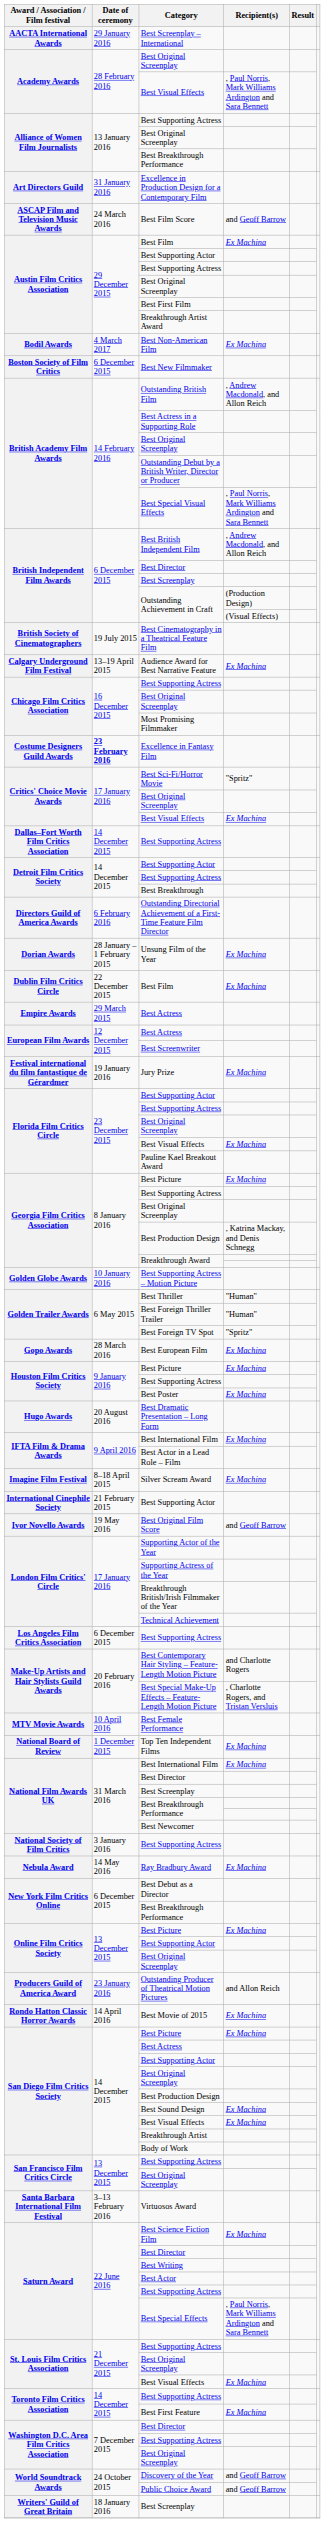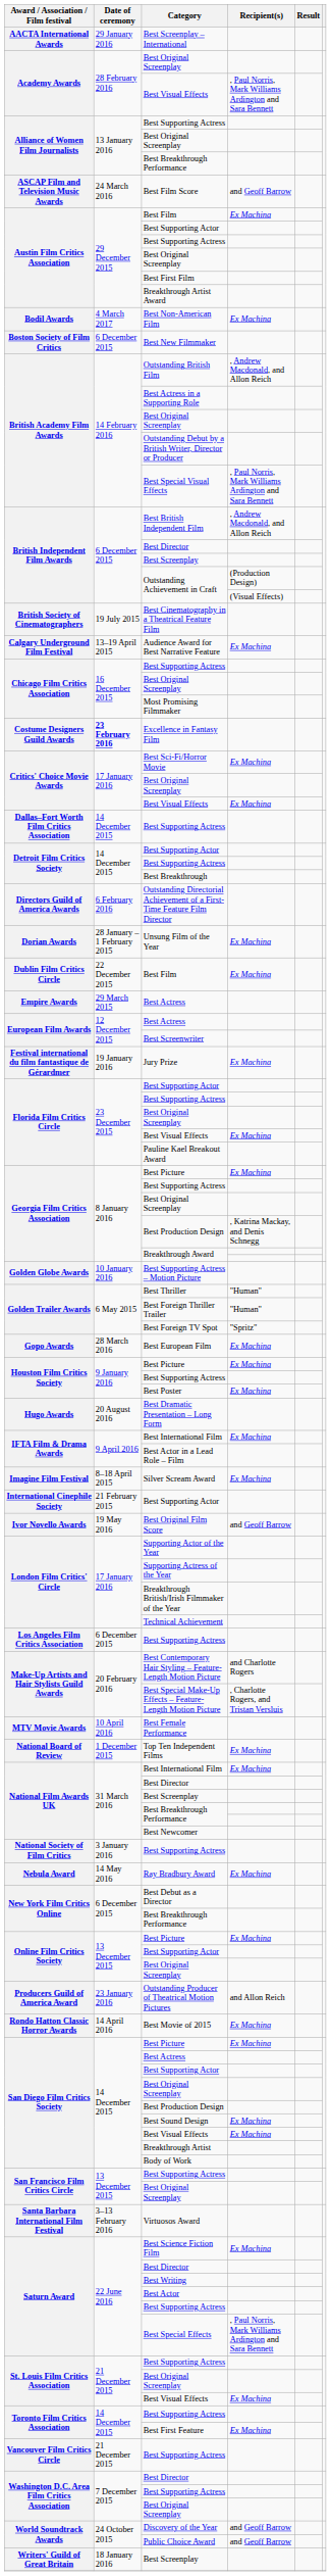 <table class="wikitable plainrowheaders sortable">
 <tr>
 <th scope="col">Award / Association / Film festival</th>
 <th scope="col">Date of ceremony</th>
 <th scope="col">Category</th>
 <th scope="col">Recipient(s)</th>
 <th scope="col">Result</th>
 <th scope="col" class="unsortable"></th>
 </tr>
 <tr>
 <th scope="row"><a href='#'>AACTA International Awards</a></th>
 <td><a href='#'>29 January 2016</a></td>
 <td><a href='#'>Best Screenplay – International</a></td>
 <td></td>
 <td></td>
 <td style="text-align:center;"></td>
 </tr>
 <tr>
 <th rowspan="2" scope="row"><a href='#'>Academy Awards</a></th>
 <td rowspan="2"><a href='#'>28 February 2016</a></td>
 <td><a href='#'>Best Original Screenplay</a></td>
 <td></td>
 <td></td>
 <td rowspan="2" style="text-align:center;"></td>
 </tr>
 <tr>
 <td><a href='#'>Best Visual Effects</a></td>
 <td>, <a href='#'>Paul Norris</a>, <a href='#'>Mark Williams Ardington</a> and <a href='#'>Sara Bennett</a></td>
 <td></td>
 </tr>
 <tr>
 <th scope="row" rowspan=3><a href='#'>Alliance of Women Film Journalists</a></th>
 <td rowspan="3">13 January 2016</td>
 <td>Best Supporting Actress</td>
 <td></td>
 <td></td>
 <td rowspan=3 style="text-align:center;"></td>
 </tr>
 <tr>
 <td>Best Original Screenplay</td>
 <td></td>
 <td></td>
 </tr>
 <tr>
 <td>Best Breakthrough Performance</td>
 <td></td>
 <td></td>
-</tr>
-<tr>
-<th scope="row"><a href='#'>Art Directors Guild</a></th>
-<td><a href='#'>31 January 2016</a></td>
-<td><a href='#'>Excellence in Production Design for a Contemporary Film</a></td>
-<td></td>
-<td></td>
-<td style="text-align:center;"></td>
 </tr>
 <tr>
 <th scope="row"><a href='#'>ASCAP Film and Television Music Awards</a></th>
 <td>24 March 2016</td>
 <td>Best Film Score</td>
 <td> and <a href='#'>Geoff Barrow</a></td>
 <td></td>
 <td style="text-align:center;"></td>
 </tr>
 <tr>
 <th scope="row" rowspan=6><a href='#'>Austin Film Critics Association</a></th>
 <td rowspan="6"><a href='#'>29 December 2015</a></td>
 <td>Best Film</td>
 <td><em><a href='#'>Ex Machina</a></em></td>
 <td></td>
 <td rowspan=6 style="text-align:center;"></td>
 </tr>
 <tr>
 <td>Best Supporting Actor</td>
 <td></td>
 <td></td>
 </tr>
 <tr>
 <td>Best Supporting Actress</td>
 <td></td>
 <td></td>
 </tr>
 <tr>
 <td>Best Original Screenplay</td>
 <td></td>
 <td></td>
 </tr>
 <tr>
 <td>Best First Film</td>
 <td></td>
 <td></td>
 </tr>
 <tr>
 <td>Breakthrough Artist Award</td>
 <td></td>
 <td></td>
 </tr>
 <tr>
 <th scope="row"><a href='#'>Bodil Awards</a></th>
 <td><a href='#'>4 March 2017</a></td>
 <td><a href='#'>Best Non-American Film</a></td>
 <td><em><a href='#'>Ex Machina</a></em></td>
 <td></td>
 <td style="text-align:center;"></td>
 </tr>
 <tr>
 <th scope="row"><a href='#'>Boston Society of Film Critics</a></th>
 <td><a href='#'>6 December 2015</a></td>
 <td><a href='#'>Best New Filmmaker</a></td>
 <td></td>
 <td></td>
 <td style="text-align:center;"></td>
 </tr>
 <tr>
 <th rowspan="5" scope="row"><a href='#'>British Academy Film Awards</a></th>
 <td rowspan="5"><a href='#'>14 February 2016</a></td>
 <td><a href='#'>Outstanding British Film</a></td>
 <td>, <a href='#'>Andrew Macdonald</a>, and Allon Reich</td>
 <td></td>
 <td rowspan="5" style="text-align:center;"></td>
 </tr>
 <tr>
 <td><a href='#'>Best Actress in a Supporting Role</a></td>
 <td></td>
 <td></td>
 </tr>
 <tr>
 <td><a href='#'>Best Original Screenplay</a></td>
 <td></td>
 <td></td>
 </tr>
 <tr>
 <td><a href='#'>Outstanding Debut by a British Writer, Director or Producer</a></td>
 <td></td>
 <td></td>
 </tr>
 <tr>
 <td><a href='#'>Best Special Visual Effects</a></td>
 <td>, <a href='#'>Paul Norris</a>, <a href='#'>Mark Williams Ardington</a> and <a href='#'>Sara Bennett</a></td>
 <td></td>
 </tr>
 <tr>
 <th rowspan="5" scope="row"><a href='#'>British Independent Film Awards</a></th>
 <td rowspan="5"><a href='#'>6 December 2015</a></td>
 <td><a href='#'>Best British Independent Film</a></td>
 <td>, <a href='#'>Andrew Macdonald</a>, and Allon Reich</td>
 <td></td>
 <td rowspan="5" style="text-align:center;"></td>
 </tr>
 <tr>
 <td><a href='#'>Best Director</a></td>
 <td></td>
 <td></td>
 </tr>
 <tr>
 <td><a href='#'>Best Screenplay</a></td>
 <td></td>
 <td></td>
 </tr>
 <tr>
 <td rowspan=2>Outstanding Achievement in Craft</td>
 <td> (Production Design)</td>
 <td></td>
 </tr>
 <tr>
 <td> (Visual Effects)</td>
 <td></td>
 </tr>
 <tr>
 <th scope="row"><a href='#'>British Society of Cinematographers</a></th>
 <td>19 July 2015</td>
 <td><a href='#'>Best Cinematography in a Theatrical Feature Film</a></td>
 <td></td>
 <td></td>
 <td style="text-align:center;"></td>
 </tr>
 <tr>
 <th scope="row"><a href='#'>Calgary Underground Film Festival</a></th>
 <td>13–19 April 2015</td>
 <td>Audience Award for Best Narrative Feature</td>
 <td><em><a href='#'>Ex Machina</a></em></td>
 <td></td>
 <td style="text-align:center;"></td>
 </tr>
 <tr>
 <th scope="row" rowspan="3"><a href='#'>Chicago Film Critics Association</a></th>
 <td rowspan="3"><a href='#'>16 December 2015</a></td>
 <td><a href='#'>Best Supporting Actress</a></td>
 <td></td>
 <td></td>
 <td rowspan="3" style="text-align:center;"></td>
 </tr>
 <tr>
 <td><a href='#'>Best Original Screenplay</a></td>
 <td></td>
 <td></td>
 </tr>
 <tr>
 <td>Most Promising Filmmaker</td>
 <td></td>
 <td></td>
 </tr>
 <tr>
 <th scope="row"><a href='#'>Costume Designers Guild Awards</a></th>
 <td><strong><a href='#'>23 February 2016</a></strong></td>
 <td><a href='#'>Excellence in Fantasy Film</a></td>
 <td></td>
 <td></td>
 <td style="text-align:center;"></td>
 </tr>
 <tr>
 <th rowspan="3" scope="row"><a href='#'>Critics' Choice Movie Awards</a></th>
 <td rowspan="3"><a href='#'>17 January 2016</a></td>
 <td><a href='#'>Best Sci-Fi/Horror Movie</a></td>
-<td data-sort-value="Spritz">"Spritz"</td>
+<td><em><a href='#'>Ex Machina</a></em></td>
 <td></td>
 <td style="text-align:center;" rowspan="3"></td>
 </tr>
 <tr>
 <td><a href='#'>Best Original Screenplay</a></td>
 <td></td>
 <td></td>
 </tr>
 <tr>
 <td><a href='#'>Best Visual Effects</a></td>
 <td><em><a href='#'>Ex Machina</a></em></td>
 <td></td>
 </tr>
 <tr>
 <th scope="row"><a href='#'>Dallas–Fort Worth Film Critics Association</a></th>
 <td><a href='#'>14 December 2015</a></td>
 <td><a href='#'>Best Supporting Actress</a></td>
 <td></td>
 <td></td>
 <td style="text-align:center;"></td>
 </tr>
 <tr>
 <th scope="row" rowspan="3"><a href='#'>Detroit Film Critics Society</a></th>
 <td rowspan="3">14 December 2015</td>
 <td><a href='#'>Best Supporting Actor</a></td>
 <td></td>
 <td></td>
 <td style="text-align:center;" rowspan="3"></td>
 </tr>
 <tr>
 <td><a href='#'>Best Supporting Actress</a></td>
 <td></td>
 <td></td>
 </tr>
 <tr>
 <td>Best Breakthrough</td>
 <td></td>
 <td></td>
 </tr>
 <tr>
 <th scope="row"><a href='#'>Directors Guild of America Awards</a></th>
 <td><a href='#'>6 February 2016</a></td>
 <td><a href='#'>Outstanding Directorial Achievement of a First-Time Feature Film Director</a></td>
 <td></td>
 <td></td>
 <td style="text-align:center;"></td>
 </tr>
 <tr>
 <th scope="row"><a href='#'>Dorian Awards</a></th>
 <td>28 January – 1 February 2015</td>
 <td>Unsung Film of the Year</td>
 <td><em><a href='#'>Ex Machina</a></em></td>
 <td></td>
 <td style="text-align:center;"></td>
 </tr>
 <tr>
 <th scope="row"><a href='#'>Dublin Film Critics Circle</a></th>
 <td>22 December 2015</td>
 <td>Best Film</td>
 <td><em><a href='#'>Ex Machina</a></em></td>
 <td></td>
 <td style="text-align:center;"></td>
 </tr>
 <tr>
 <th scope="row"><a href='#'>Empire Awards</a></th>
 <td><a href='#'>29 March 2015</a></td>
 <td><a href='#'>Best Actress</a></td>
 <td></td>
 <td></td>
 <td style="text-align:center;"></td>
 </tr>
 <tr>
 <th scope="row" rowspan="2"><a href='#'>European Film Awards</a></th>
 <td rowspan="2"><a href='#'>12 December 2015</a></td>
 <td><a href='#'>Best Actress</a></td>
 <td></td>
 <td></td>
 <td rowspan="2" style="text-align:center;"></td>
 </tr>
 <tr>
 <td><a href='#'>Best Screenwriter</a></td>
 <td></td>
 <td></td>
 </tr>
 <tr>
 <th scope="row"><a href='#'>Festival international du film fantastique de Gérardmer</a></th>
 <td>19 January 2016</td>
 <td>Jury Prize</td>
 <td><em><a href='#'>Ex Machina</a></em></td>
 <td></td>
 <td style="text-align:center;"></td>
 </tr>
 <tr>
 <th scope="row" rowspan="5"><a href='#'>Florida Film Critics Circle</a></th>
 <td rowspan="5"><a href='#'>23 December 2015</a></td>
 <td><a href='#'>Best Supporting Actor</a></td>
 <td></td>
 <td></td>
 <td style="text-align:center;" rowspan="5"></td>
 </tr>
 <tr>
 <td><a href='#'>Best Supporting Actress</a></td>
 <td></td>
 <td></td>
 </tr>
 <tr>
 <td><a href='#'>Best Original Screenplay</a></td>
 <td></td>
 <td></td>
 </tr>
 <tr>
 <td>Best Visual Effects</td>
 <td><em><a href='#'>Ex Machina</a></em></td>
 <td></td>
 </tr>
 <tr>
 <td>Pauline Kael Breakout Award</td>
 <td></td>
 <td></td>
 </tr>
 <tr>
 <th scope="row" rowspan="6"><a href='#'>Georgia Film Critics Association</a></th>
 <td rowspan="6">8 January 2016</td>
 <td>Best Picture</td>
 <td><em><a href='#'>Ex Machina</a></em></td>
 <td></td>
 <td rowspan="6" style="text-align:center;"></td>
 </tr>
 <tr>
 <td>Best Supporting Actress</td>
 <td></td>
 <td></td>
 </tr>
 <tr>
 <td>Best Original Screenplay</td>
 <td></td>
 <td></td>
 </tr>
 <tr>
 <td>Best Production Design</td>
 <td>, Katrina Mackay, and Denis Schnegg</td>
 <td></td>
 </tr>
 <tr>
 <td rowspan="2">Breakthrough Award</td>
 <td></td>
 <td></td>
 </tr>
 <tr>
 <td></td>
 <td></td>
 </tr>
 <tr>
 <th scope="row"><a href='#'>Golden Globe Awards</a></th>
 <td><a href='#'>10 January 2016</a></td>
 <td><a href='#'>Best Supporting Actress – Motion Picture</a></td>
 <td></td>
 <td></td>
 <td style="text-align:center;"></td>
 </tr>
 <tr>
 <th rowspan="3" scope="row"><a href='#'>Golden Trailer Awards</a></th>
 <td rowspan="3">6 May 2015</td>
 <td>Best Thriller</td>
 <td data-sort-value="Human">"Human"</td>
 <td></td>
 <td style="text-align:center;" rowspan="3"></td>
 </tr>
 <tr>
 <td>Best Foreign Thriller Trailer</td>
 <td data-sort-value="Human">"Human"</td>
 <td></td>
 </tr>
 <tr>
 <td>Best Foreign TV Spot</td>
 <td data-sort-value="Spritz">"Spritz"</td>
 <td></td>
 </tr>
 <tr>
 <th scope="row"><a href='#'>Gopo Awards</a></th>
 <td>28 March 2016</td>
 <td>Best European Film</td>
 <td><em><a href='#'>Ex Machina</a></em></td>
 <td></td>
 <td style="text-align:center;"></td>
 </tr>
 <tr>
 <th scope="row" rowspan="3"><a href='#'>Houston Film Critics Society</a></th>
 <td rowspan="3"><a href='#'>9 January 2016</a></td>
 <td>Best Picture</td>
 <td><em><a href='#'>Ex Machina</a></em></td>
 <td></td>
 <td style="text-align:center;" rowspan="3"></td>
 </tr>
 <tr>
 <td>Best Supporting Actress</td>
 <td></td>
 <td></td>
 </tr>
 <tr>
 <td>Best Poster</td>
 <td><em><a href='#'>Ex Machina</a></em></td>
 <td></td>
 </tr>
 <tr>
 <th scope="row"><a href='#'>Hugo Awards</a></th>
 <td>20 August 2016</td>
 <td><a href='#'>Best Dramatic Presentation – Long Form</a></td>
 <td></td>
 <td></td>
 <td style="text-align:center;"></td>
 </tr>
 <tr>
 <th rowspan="2" scope="row"><a href='#'>IFTA Film & Drama Awards</a></th>
 <td rowspan="2"><a href='#'>9 April 2016</a></td>
 <td>Best International Film</td>
 <td><em><a href='#'>Ex Machina</a></em></td>
 <td></td>
 <td rowspan="2" style="text-align: center;"></td>
 </tr>
 <tr>
 <td>Best Actor in a Lead Role – Film</td>
 <td></td>
 <td></td>
 </tr>
 <tr>
 <th scope="row"><a href='#'>Imagine Film Festival</a></th>
 <td>8–18 April 2015</td>
 <td>Silver Scream Award</td>
 <td><em><a href='#'>Ex Machina</a></em></td>
 <td></td>
 <td style="text-align:center;"></td>
 </tr>
 <tr>
 <th scope="row"><a href='#'>International Cinephile Society</a></th>
 <td>21 February 2015</td>
 <td>Best Supporting Actor</td>
 <td></td>
 <td></td>
 <td style="text-align:center;"></td>
 </tr>
 <tr>
 <th scope="row"><a href='#'>Ivor Novello Awards</a></th>
 <td>19 May 2016</td>
 <td><a href='#'>Best Original Film Score</a></td>
 <td> and <a href='#'>Geoff Barrow</a></td>
 <td></td>
 <td style="text-align:center;"></td>
 </tr>
 <tr>
 <th scope="row" rowspan=4><a href='#'>London Film Critics' Circle</a></th>
 <td rowspan="4"><a href='#'>17 January 2016</a></td>
 <td><a href='#'>Supporting Actor of the Year</a></td>
 <td></td>
 <td></td>
 <td rowspan=4 style="text-align:center;"></td>
 </tr>
 <tr>
 <td><a href='#'>Supporting Actress of the Year</a></td>
 <td></td>
 <td></td>
 </tr>
 <tr>
 <td>Breakthrough British/Irish Filmmaker of the Year</td>
 <td></td>
 <td></td>
 </tr>
 <tr>
 <td><a href='#'>Technical Achievement</a></td>
 <td></td>
 <td></td>
 </tr>
 <tr>
 <th scope="row"><a href='#'>Los Angeles Film Critics Association</a></th>
 <td>6 December 2015</td>
 <td><a href='#'>Best Supporting Actress</a></td>
 <td></td>
 <td></td>
 <td style="text-align:center;"></td>
 </tr>
 <tr>
 <th rowspan="2" scope="row"><a href='#'>Make-Up Artists and Hair Stylists Guild Awards</a></th>
 <td rowspan="2">20 February 2016</td>
 <td><a href='#'>Best Contemporary Hair Styling – Feature-Length Motion Picture</a></td>
 <td> and Charlotte Rogers</td>
 <td></td>
 <td rowspan="2" style="text-align: center;"></td>
 </tr>
 <tr>
 <td><a href='#'>Best Special Make-Up Effects – Feature-Length Motion Picture</a></td>
 <td>, Charlotte Rogers, and <a href='#'>Tristan Versluis</a></td>
 <td></td>
 </tr>
 <tr>
 <th scope="row"><a href='#'>MTV Movie Awards</a></th>
 <td><a href='#'>10 April 2016</a></td>
 <td><a href='#'>Best Female Performance</a></td>
 <td></td>
 <td></td>
 <td style="text-align:center;"></td>
 </tr>
 <tr>
 <th scope="row"><a href='#'>National Board of Review</a></th>
 <td><a href='#'>1 December 2015</a></td>
 <td>Top Ten Independent Films</td>
 <td><em><a href='#'>Ex Machina</a></em></td>
 <td></td>
 <td style="text-align:center;"></td>
 </tr>
 <tr>
 <th rowspan="6" scope="row"><a href='#'>National Film Awards UK</a></th>
 <td rowspan="6">31 March 2016</td>
 <td>Best International Film</td>
 <td><em><a href='#'>Ex Machina</a></em></td>
 <td></td>
 <td rowspan="6" style="text-align: center;"></td>
 </tr>
 <tr>
 <td>Best Director</td>
 <td></td>
 <td></td>
 </tr>
 <tr>
 <td>Best Screenplay</td>
 <td></td>
 <td></td>
 </tr>
 <tr>
 <td rowspan="2">Best Breakthrough Performance</td>
 <td></td>
 <td></td>
 </tr>
 <tr>
 <td></td>
 <td></td>
 </tr>
 <tr>
 <td>Best Newcomer</td>
 <td></td>
 <td></td>
 </tr>
 <tr>
 <th scope="row"><a href='#'>National Society of Film Critics</a></th>
 <td>3 January 2016</td>
 <td><a href='#'>Best Supporting Actress</a></td>
 <td></td>
 <td></td>
 <td style="text-align:center;"></td>
 </tr>
 <tr>
 <th scope="row"><a href='#'>Nebula Award</a></th>
 <td>14 May 2016</td>
 <td><a href='#'>Ray Bradbury Award</a></td>
 <td><em><a href='#'>Ex Machina</a></em></td>
 <td></td>
 <td style="text-align:center;"></td>
 </tr>
 <tr>
 <th scope="row" rowspan="2"><a href='#'>New York Film Critics Online</a></th>
 <td rowspan="2">6 December 2015</td>
 <td>Best Debut as a Director</td>
 <td></td>
 <td></td>
 <td style="text-align:center;" rowspan="2"></td>
 </tr>
 <tr>
 <td>Best Breakthrough Performance</td>
 <td></td>
 <td></td>
 </tr>
 <tr>
 <th scope="row" rowspan="3"><a href='#'>Online Film Critics Society</a></th>
 <td rowspan="3"><a href='#'>13 December 2015</a></td>
 <td><a href='#'>Best Picture</a></td>
 <td><em><a href='#'>Ex Machina</a></em></td>
 <td></td>
 <td style="text-align:center;" rowspan="3"></td>
 </tr>
 <tr>
 <td><a href='#'>Best Supporting Actor</a></td>
 <td></td>
 <td></td>
 </tr>
 <tr>
 <td><a href='#'>Best Original Screenplay</a></td>
 <td></td>
 <td></td>
 </tr>
 <tr>
 <th scope="row"><a href='#'>Producers Guild of America Award</a></th>
 <td><a href='#'>23 January 2016</a></td>
 <td><a href='#'>Outstanding Producer of Theatrical Motion Pictures</a></td>
 <td> and Allon Reich</td>
 <td></td>
 <td style="text-align:center;"></td>
 </tr>
 <tr>
 <th scope="row"><a href='#'>Rondo Hatton Classic Horror Awards</a></th>
 <td>14 April 2016</td>
 <td>Best Movie of 2015</td>
 <td><em><a href='#'>Ex Machina</a></em></td>
 <td></td>
 <td style="text-align:center;"></td>
 </tr>
 <tr>
 <th scope="row" rowspan="9"><a href='#'>San Diego Film Critics Society</a></th>
 <td rowspan="9">14 December 2015</td>
 <td><a href='#'>Best Picture</a></td>
 <td><em><a href='#'>Ex Machina</a></em></td>
 <td></td>
 <td style="text-align:center;" rowspan="9"></td>
 </tr>
 <tr>
 <td><a href='#'>Best Actress</a></td>
 <td></td>
 <td></td>
 </tr>
 <tr>
 <td><a href='#'>Best Supporting Actor</a></td>
 <td></td>
 <td></td>
 </tr>
 <tr>
 <td><a href='#'>Best Original Screenplay</a></td>
 <td></td>
 <td></td>
 </tr>
 <tr>
 <td>Best Production Design</td>
 <td></td>
 <td></td>
 </tr>
 <tr>
 <td>Best Sound Design</td>
 <td><em><a href='#'>Ex Machina</a></em></td>
 <td></td>
 </tr>
 <tr>
 <td>Best Visual Effects</td>
 <td><em><a href='#'>Ex Machina</a></em></td>
 <td></td>
 </tr>
 <tr>
 <td>Breakthrough Artist</td>
 <td></td>
 <td></td>
 </tr>
 <tr>
 <td>Body of Work</td>
 <td></td>
 <td></td>
 </tr>
 <tr>
 <th scope="row" rowspan="2"><a href='#'>San Francisco Film Critics Circle</a></th>
 <td rowspan="2"><a href='#'>13 December 2015</a></td>
 <td><a href='#'>Best Supporting Actress</a></td>
 <td></td>
 <td></td>
 <td style="text-align:center;" rowspan="2"></td>
 </tr>
 <tr>
 <td><a href='#'>Best Original Screenplay</a></td>
 <td></td>
 <td></td>
 </tr>
 <tr>
 <th scope="row"><a href='#'>Santa Barbara International Film Festival</a></th>
 <td>3–13 February 2016</td>
 <td>Virtuosos Award</td>
 <td></td>
 <td></td>
 <td style="text-align:center;"></td>
 </tr>
 <tr>
 <th scope="row" rowspan="6"><a href='#'>Saturn Award</a></th>
 <td rowspan="6"><a href='#'>22 June 2016</a></td>
 <td><a href='#'>Best Science Fiction Film</a></td>
 <td><em><a href='#'>Ex Machina</a></em></td>
 <td></td>
 <td style="text-align:center;" rowspan="6"></td>
 </tr>
 <tr>
 <td><a href='#'>Best Director</a></td>
 <td></td>
 <td></td>
 </tr>
 <tr>
 <td><a href='#'>Best Writing</a></td>
 <td></td>
 <td></td>
 </tr>
 <tr>
 <td><a href='#'>Best Actor</a></td>
 <td></td>
 <td></td>
 </tr>
 <tr>
 <td><a href='#'>Best Supporting Actress</a></td>
 <td></td>
 <td></td>
 </tr>
 <tr>
 <td><a href='#'>Best Special Effects</a></td>
 <td>, <a href='#'>Paul Norris</a>, <a href='#'>Mark Williams Ardington</a> and <a href='#'>Sara Bennett</a></td>
 <td></td>
 </tr>
 <tr>
 <th scope="row" rowspan="3"><a href='#'>St. Louis Film Critics Association</a></th>
 <td rowspan="3"><a href='#'>21 December 2015</a></td>
 <td><a href='#'>Best Supporting Actress</a></td>
 <td></td>
 <td></td>
 <td style="text-align:center;" rowspan="3"></td>
 </tr>
 <tr>
 <td><a href='#'>Best Original Screenplay</a></td>
 <td></td>
 <td></td>
 </tr>
 <tr>
 <td>Best Visual Effects</td>
 <td><em><a href='#'>Ex Machina</a></em></td>
 <td></td>
 </tr>
 <tr>
 <th scope="row" rowspan="2"><a href='#'>Toronto Film Critics Association</a></th>
 <td rowspan="2"><a href='#'>14 December 2015</a></td>
 <td><a href='#'>Best Supporting Actress</a></td>
 <td></td>
 <td></td>
 <td style="text-align:center;" rowspan="2"></td>
 </tr>
 <tr>
 <td>Best First Feature</td>
 <td><em><a href='#'>Ex Machina</a></em></td>
 <td></td>
 </tr>
 <tr>
+<th scope="row"><a href='#'>Vancouver Film Critics Circle</a></th>
+<td>21 December 2015</td>
+<td><a href='#'>Best Supporting Actress</a></td>
+<td></td>
+<td></td>
+<td style="text-align:center;"></td>
+</tr>
+<tr>
 <th scope="row" rowspan="3"><a href='#'>Washington D.C. Area Film Critics Association</a></th>
 <td rowspan="3">7 December 2015</td>
 <td><a href='#'>Best Director</a></td>
 <td></td>
 <td></td>
 <td style="text-align:center;" rowspan="3"></td>
 </tr>
 <tr>
 <td><a href='#'>Best Supporting Actress</a></td>
 <td></td>
 <td></td>
 </tr>
 <tr>
 <td><a href='#'>Best Original Screenplay</a></td>
 <td></td>
 <td></td>
 </tr>
 <tr>
 <th scope="row" rowspan="2"><a href='#'>World Soundtrack Awards</a></th>
 <td rowspan="2">24 October 2015</td>
 <td><a href='#'>Discovery of the Year</a></td>
 <td> and <a href='#'>Geoff Barrow</a></td>
 <td></td>
 <td style="text-align:center;" rowspan="2"></td>
 </tr>
 <tr>
 <td><a href='#'>Public Choice Award</a></td>
 <td> and <a href='#'>Geoff Barrow</a></td>
 <td></td>
 </tr>
 <tr>
 <th scope="row"><a href='#'>Writers' Guild of Great Britain</a></th>
 <td>18 January 2016</td>
 <td>Best Screenplay</td>
 <td></td>
 <td></td>
 <td style="text-align:center;"></td>
 </tr>
 <tr>
 </tr>
 </table>
